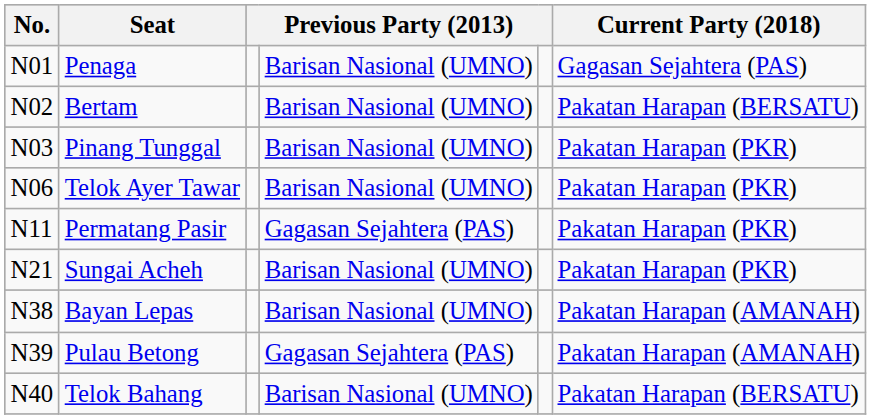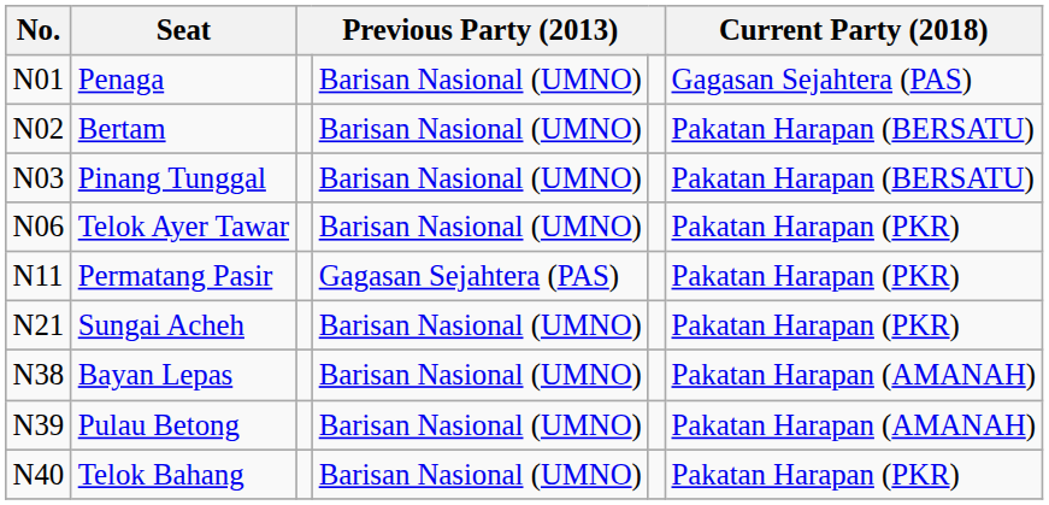 <table class="wikitable sortable" style="font-size:95%;">
 <tr>
 <th scope="col">No.</th>
 <th scope="col">Seat</th>
 <th colspan="3" scope="col">Previous Party (2013)</th>
 <th colspan="3" scope="col">Current Party (2018)</th>
 </tr>
 <tr>
 <td>N01</td>
 <td> <a href='#'>Penaga</a></td>
 <td width="1"></td>
 <td><a href='#'>Barisan Nasional</a> (<a href='#'>UMNO</a>)</td>
 <td width="1"></td>
 <td><a href='#'>Gagasan Sejahtera</a> (<a href='#'>PAS</a>)</td>
 </tr>
 <tr>
 <td>N02</td>
 <td> <a href='#'>Bertam</a></td>
 <td width="1"></td>
 <td><a href='#'>Barisan Nasional</a> (<a href='#'>UMNO</a>)</td>
 <td width="1"></td>
 <td><a href='#'>Pakatan Harapan</a> (<a href='#'>BERSATU</a>)</td>
 </tr>
 <tr>
 <td>N03</td>
 <td> <a href='#'>Pinang Tunggal</a></td>
 <td width="1"></td>
 <td><a href='#'>Barisan Nasional</a> (<a href='#'>UMNO</a>)</td>
 <td width="1"></td>
-<td><a href='#'>Pakatan Harapan</a> (<a href='#'>PKR</a>)</td>
+<td><a href='#'>Pakatan Harapan</a> (<a href='#'>BERSATU</a>)</td>
 </tr>
 <tr>
 <td>N06</td>
 <td> <a href='#'>Telok Ayer Tawar</a></td>
 <td width="1"></td>
 <td><a href='#'>Barisan Nasional</a> (<a href='#'>UMNO</a>)</td>
 <td width="1"></td>
 <td><a href='#'>Pakatan Harapan</a> (<a href='#'>PKR</a>)</td>
 </tr>
 <tr>
 <td>N11</td>
 <td> <a href='#'>Permatang Pasir</a></td>
 <td width="1"></td>
 <td><a href='#'>Gagasan Sejahtera</a> (<a href='#'>PAS</a>)</td>
 <td width="1"></td>
 <td><a href='#'>Pakatan Harapan</a> (<a href='#'>PKR</a>)</td>
 </tr>
 <tr>
 <td>N21</td>
 <td> <a href='#'>Sungai Acheh</a></td>
 <td width="1"></td>
 <td><a href='#'>Barisan Nasional</a> (<a href='#'>UMNO</a>)</td>
 <td width="1"></td>
 <td><a href='#'>Pakatan Harapan</a> (<a href='#'>PKR</a>)</td>
 </tr>
 <tr>
 <td>N38</td>
 <td> <a href='#'>Bayan Lepas</a></td>
 <td width="1"></td>
 <td><a href='#'>Barisan Nasional</a> (<a href='#'>UMNO</a>)</td>
 <td width="1"></td>
 <td><a href='#'>Pakatan Harapan</a> (<a href='#'>AMANAH</a>)</td>
 </tr>
 <tr>
 <td>N39</td>
 <td> <a href='#'>Pulau Betong</a></td>
 <td width="1"></td>
-<td><a href='#'>Gagasan Sejahtera</a> (<a href='#'>PAS</a>)</td>
+<td><a href='#'>Barisan Nasional</a> (<a href='#'>UMNO</a>)</td>
 <td width="1"></td>
 <td><a href='#'>Pakatan Harapan</a> (<a href='#'>AMANAH</a>)</td>
 </tr>
 <tr>
 <td>N40</td>
 <td> <a href='#'>Telok Bahang</a></td>
 <td width="1"></td>
 <td><a href='#'>Barisan Nasional</a> (<a href='#'>UMNO</a>)</td>
 <td width="1"></td>
-<td><a href='#'>Pakatan Harapan</a> (<a href='#'>BERSATU</a>)</td>
+<td><a href='#'>Pakatan Harapan</a> (<a href='#'>PKR</a>)</td>
 </tr>
 </table>
